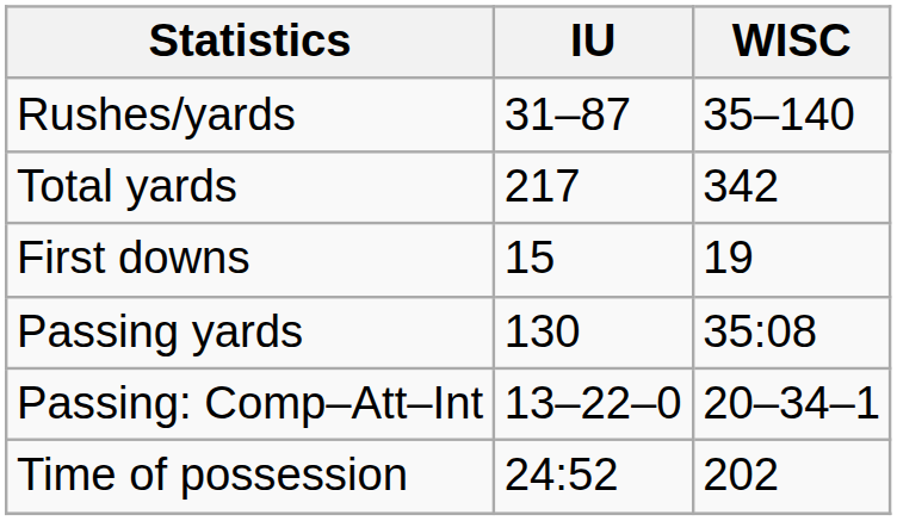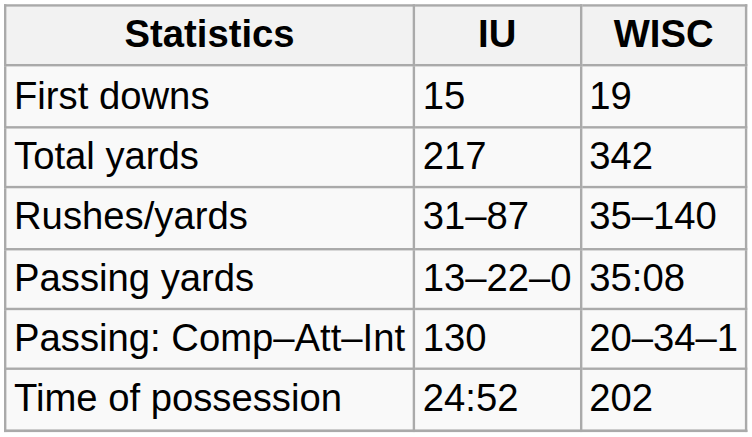 <table class="wikitable" style="float: left;">
 <tr>
 <th>Statistics</th>
 <th>IU</th>
 <th>WISC</th>
 </tr>
 <tr>
-<td>Rushes/yards</td>
-<td>31–87</td>
-<td>35–140</td>
+<td>First downs</td>
+<td>15</td>
+<td>19</td>
 </tr>
 <tr>
 <td>Total yards</td>
 <td>217</td>
 <td>342</td>
 </tr>
 <tr>
-<td>First downs</td>
-<td>15</td>
-<td>19</td>
+<td>Rushes/yards</td>
+<td>31–87</td>
+<td>35–140</td>
 </tr>
 <tr>
 <td>Passing yards</td>
-<td>130</td>
+<td>13–22–0</td>
 <td>35:08</td>
 </tr>
 <tr>
 <td>Passing: Comp–Att–Int</td>
-<td>13–22–0</td>
+<td>130</td>
 <td>20–34–1</td>
 </tr>
 <tr>
 <td>Time of possession</td>
 <td>24:52</td>
 <td>202</td>
 </tr>
 <tr>
 </tr>
 </table>
